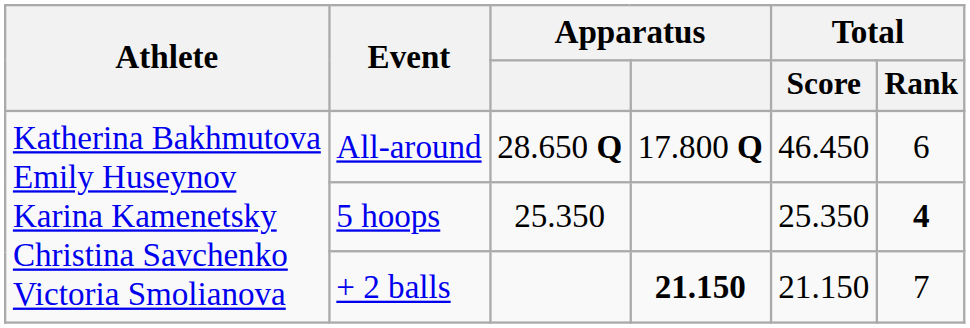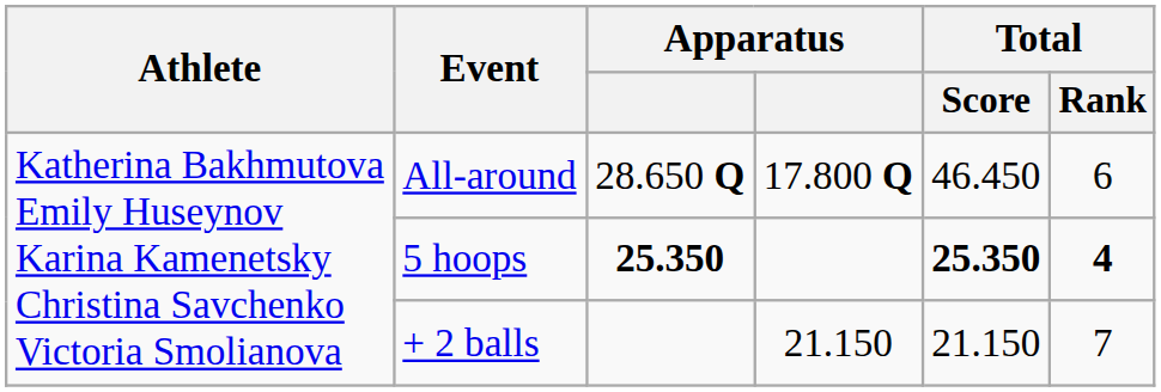 <table class=wikitable style=font-size:90%;text-align:center>
 <tr>
 <th rowspan=2>Athlete</th>
 <th rowspan=2>Event</th>
 <th colspan=2>Apparatus</th>
 <th colspan=2>Total</th>
 </tr>
 <tr style=font-size:95%>
 <th></th>
 <th> </th>
 <th>Score</th>
 <th>Rank</th>
 </tr>
 <tr>
 <td align=left rowspan=3><a href='#'>Katherina Bakhmutova</a><br><a href='#'>Emily Huseynov</a><br><a href='#'>Karina Kamenetsky</a><br><a href='#'>Christina Savchenko</a><br><a href='#'>Victoria Smolianova</a></td>
 <td align=left><a href='#'>All-around</a></td>
 <td>28.650 <strong>Q</strong></td>
 <td>17.800 <strong>Q</strong></td>
 <td>46.450</td>
 <td>6</td>
 </tr>
 <tr>
 <td align=left><a href='#'>5 hoops</a></td>
-<td>25.350</td>
+<td><strong>25.350</strong></td>
 <td></td>
-<td>25.350</td>
+<td><strong>25.350</strong></td>
 <td><strong>4</strong></td>
 </tr>
 <tr>
 <td align=left><a href='#'> + 2 balls</a></td>
 <td></td>
-<td><strong>21.150</strong></td>
+<td>21.150</td>
 <td>21.150</td>
 <td>7</td>
 </tr>
 </table>
